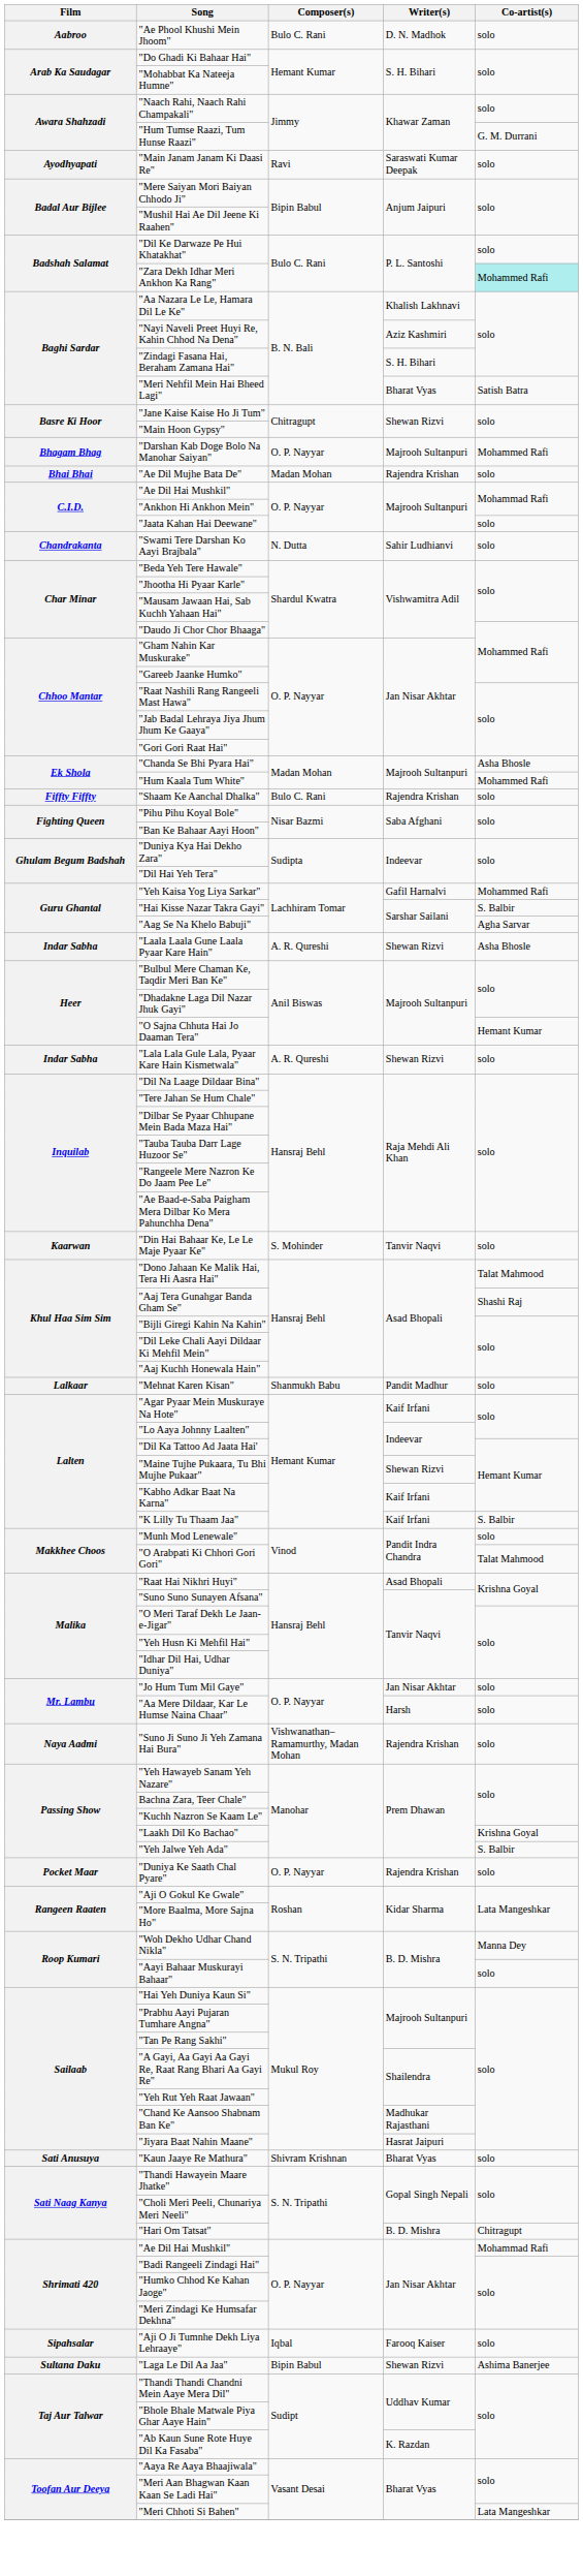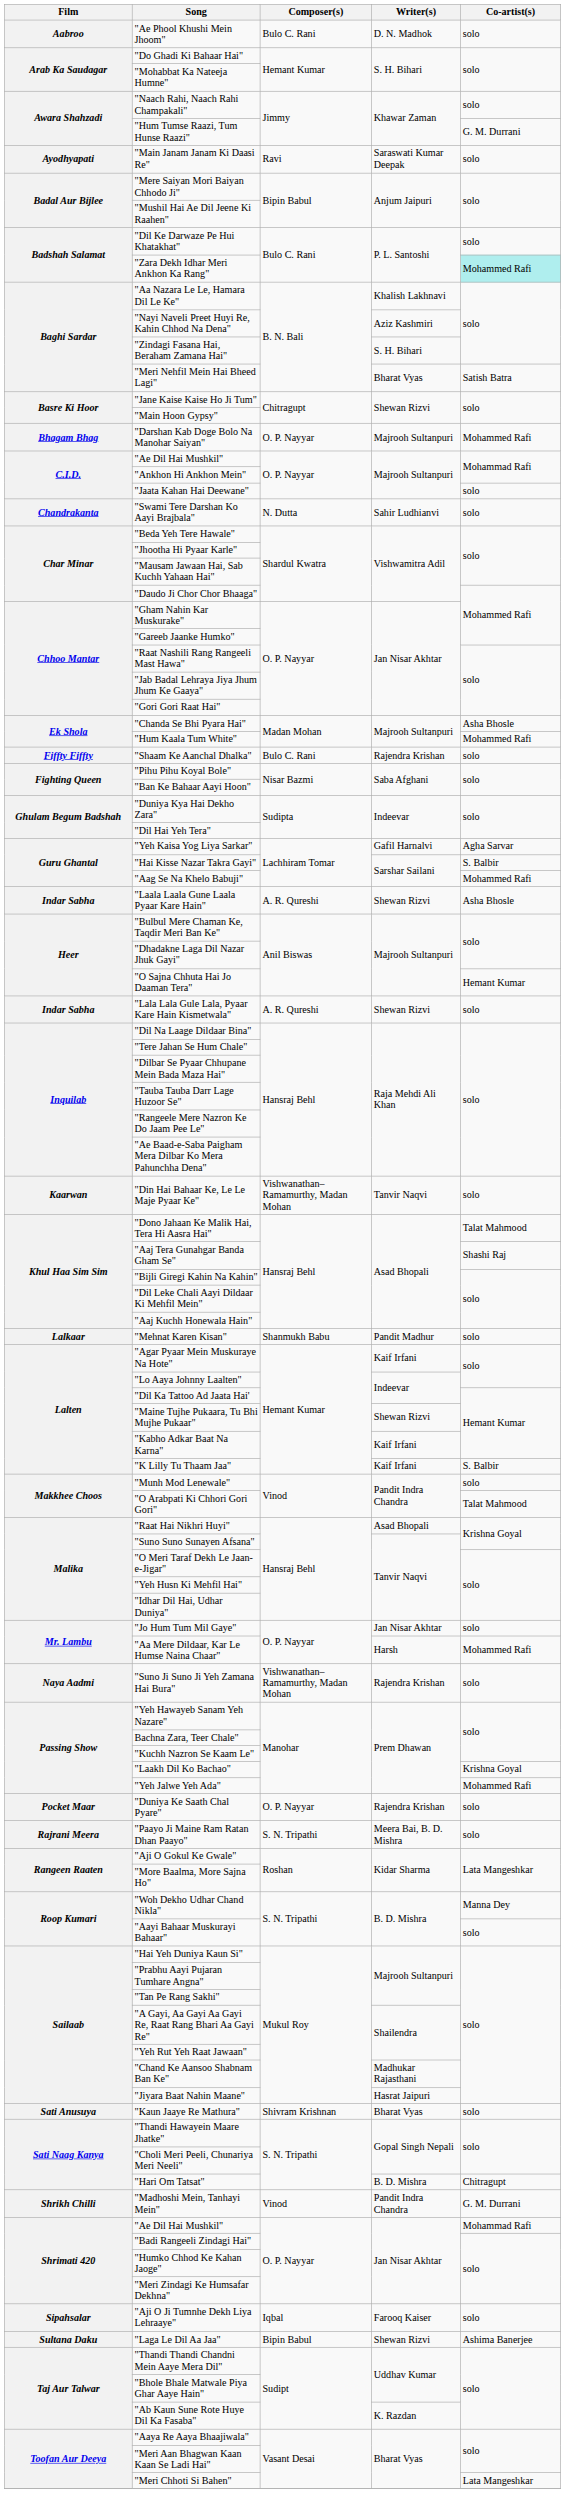 <table class="wikitable plainrowheaders" width="100%" textcolor:#000;">
 <tr style="background:#b0e0e66;">
 <th scope="col" width=23%><strong>Film</strong></th>
 <th scope="col" width=23%><strong>Song</strong></th>
 <th scope="col" width=20%><strong>Composer(s)</strong></th>
 <th scope="col" width=16%><strong>Writer(s)</strong></th>
 <th scope="col" width=18%><strong>Co-artist(s)</strong></th>
 </tr>
 <tr>
 <th><em>Aabroo</em></th>
 <td>"Ae Phool Khushi Mein Jhoom"</td>
 <td>Bulo C. Rani</td>
 <td>D. N. Madhok</td>
 <td>solo</td>
 </tr>
 <tr>
 <th Rowspan=2><em>Arab Ka Saudagar</em></th>
 <td>"Do Ghadi Ki Bahaar Hai"</td>
 <td rowspan=2>Hemant Kumar</td>
 <td rowspan=2>S. H. Bihari</td>
 <td rowspan=2>solo</td>
 </tr>
 <tr>
 <td>"Mohabbat Ka Nateeja Humne"</td>
 </tr>
 <tr>
 <th Rowspan=2><em>Awara Shahzadi</em></th>
 <td>"Naach Rahi, Naach Rahi Champakali"</td>
 <td rowspan=2>Jimmy</td>
 <td rowspan=2>Khawar Zaman</td>
 <td>solo</td>
 </tr>
 <tr>
 <td>"Hum Tumse Raazi, Tum Hunse Raazi"</td>
 <td>G. M. Durrani</td>
 </tr>
 <tr>
 <th Rowspan=1><em>Ayodhyapati</em></th>
 <td>"Main Janam Janam Ki Daasi Re"</td>
 <td rowspan=1>Ravi</td>
 <td rowspan=1>Saraswati Kumar Deepak</td>
 <td rowspan=1>solo</td>
 </tr>
 <tr>
 <th Rowspan=2><em>Badal Aur Bijlee</em></th>
 <td>"Mere Saiyan Mori Baiyan Chhodo Ji"</td>
 <td rowspan=2>Bipin Babul</td>
 <td rowspan=2>Anjum Jaipuri</td>
 <td rowspan=2>solo</td>
 </tr>
 <tr>
 <td>"Mushil Hai Ae Dil Jeene Ki Raahen"</td>
 </tr>
 <tr>
 <th Rowspan=2><em>Badshah Salamat</em></th>
 <td>"Dil Ke Darwaze Pe Hui Khatakhat"</td>
 <td rowspan=2>Bulo C. Rani</td>
 <td rowspan=2>P. L. Santoshi</td>
 <td>solo</td>
 </tr>
 <tr>
 <td>"Zara Dekh Idhar Meri Ankhon Ka Rang"</td>
 <td style="background: paleturquoise;">Mohammed Rafi</td>
 </tr>
 <tr>
 <th Rowspan=4><em>Baghi Sardar</em></th>
 <td>"Aa Nazara Le Le, Hamara Dil Le Ke"</td>
 <td rowspan=4>B. N. Bali</td>
 <td>Khalish Lakhnavi</td>
 <td Rowspan=3>solo</td>
 </tr>
 <tr>
 <td>"Nayi Naveli Preet Huyi Re, Kahin Chhod Na Dena"</td>
 <td>Aziz Kashmiri</td>
 </tr>
 <tr>
 <td>"Zindagi Fasana Hai, Beraham Zamana Hai"</td>
 <td>S. H. Bihari</td>
 </tr>
 <tr>
 <td>"Meri Nehfil Mein Hai Bheed Lagi"</td>
 <td>Bharat Vyas</td>
 <td>Satish Batra</td>
 </tr>
 <tr>
 <th Rowspan=2><em>Basre Ki Hoor</em></th>
 <td>"Jane Kaise Kaise Ho Ji Tum"</td>
 <td rowspan=2>Chitragupt</td>
 <td rowspan=2>Shewan Rizvi</td>
 <td rowspan=2>solo</td>
 </tr>
 <tr>
 <td>"Main Hoon Gypsy"</td>
 </tr>
 <tr>
 <th><em><a href='#'>Bhagam Bhag</a></em></th>
 <td>"Darshan Kab Doge Bolo Na Manohar Saiyan"</td>
 <td>O. P. Nayyar</td>
 <td>Majrooh Sultanpuri</td>
 <td>Mohammed Rafi</td>
 </tr>
 <tr>
-<th><em><a href='#'>Bhai Bhai</a></em></th>
-<td>"Ae Dil Mujhe Bata De"</td>
-<td>Madan Mohan</td>
-<td>Rajendra Krishan</td>
-<td>solo</td>
-</tr>
-<tr>
 <th rowspan=3><em><a href='#'>C.I.D.</a></em></th>
 <td>"Ae Dil Hai Mushkil"</td>
 <td rowspan=3>O. P. Nayyar</td>
 <td rowspan=3>Majrooh Sultanpuri</td>
 <td rowspan=2>Mohammad Rafi</td>
 </tr>
 <tr>
 <td>"Ankhon Hi Ankhon Mein"</td>
 </tr>
 <tr>
 <td>"Jaata Kahan Hai Deewane"</td>
 <td>solo</td>
 </tr>
 <tr>
 <th><em><a href='#'>Chandrakanta</a></em></th>
 <td>"Swami Tere Darshan Ko Aayi Brajbala"</td>
 <td>N. Dutta</td>
 <td>Sahir Ludhianvi</td>
 <td>solo</td>
 </tr>
 <tr>
 <th Rowspan=4><em>Char Minar</em></th>
 <td>"Beda Yeh Tere Hawale"</td>
 <td Rowspan=4>Shardul Kwatra</td>
 <td Rowspan=4>Vishwamitra Adil</td>
 <td Rowspan=3>solo</td>
 </tr>
 <tr>
 <td>"Jhootha Hi Pyaar Karle"</td>
 </tr>
 <tr>
 <td>"Mausam Jawaan Hai, Sab Kuchh Yahaan Hai"</td>
 </tr>
 <tr>
 <td>"Daudo Ji Chor Chor Bhaaga"</td>
 <td rowspan=3>Mohammed Rafi</td>
 </tr>
 <tr>
 <th Rowspan=5><em><a href='#'>Chhoo Mantar</a></em></th>
 <td>"Gham Nahin Kar Muskurake"</td>
 <td rowspan=5>O. P. Nayyar</td>
 <td rowspan=5>Jan Nisar Akhtar</td>
 </tr>
 <tr>
 <td>"Gareeb Jaanke Humko"</td>
 </tr>
 <tr>
 <td>"Raat Nashili Rang Rangeeli Mast Hawa"</td>
 <td rowspan=3>solo</td>
 </tr>
 <tr>
 <td>"Jab Badal Lehraya Jiya Jhum Jhum Ke Gaaya"</td>
 </tr>
 <tr>
 <td>"Gori Gori Raat Hai"</td>
 </tr>
 <tr>
 <th Rowspan=2><em><a href='#'>Ek Shola</a></em></th>
 <td>"Chanda Se Bhi Pyara Hai"</td>
 <td rowspan=2>Madan Mohan</td>
 <td rowspan=2>Majrooh Sultanpuri</td>
 <td>Asha Bhosle</td>
 </tr>
 <tr>
 <td>"Hum Kaala Tum White"</td>
 <td>Mohammed Rafi</td>
 </tr>
 <tr>
 <th><em><a href='#'>Fiffty Fiffty</a></em></th>
 <td>"Shaam Ke Aanchal Dhalka"</td>
 <td>Bulo C. Rani</td>
 <td>Rajendra Krishan</td>
 <td>solo</td>
 </tr>
 <tr>
 <th rowspan=2><em>Fighting Queen</em></th>
 <td>"Pihu Pihu Koyal Bole"</td>
 <td rowspan=2>Nisar Bazmi</td>
 <td rowspan=2>Saba Afghani</td>
 <td rowspan=2>solo</td>
 </tr>
 <tr>
 <td>"Ban Ke Bahaar Aayi Hoon"</td>
 </tr>
 <tr>
 <th rowspan=2><em>Ghulam Begum Badshah</em></th>
 <td>"Duniya Kya Hai Dekho Zara"</td>
 <td rowspan=2>Sudipta</td>
 <td rowspan=2>Indeevar</td>
 <td rowspan=2>solo</td>
 </tr>
 <tr>
 <td>"Dil Hai Yeh Tera"</td>
 </tr>
 <tr>
 <th Rowspan=3><em>Guru Ghantal</em></th>
 <td>"Yeh Kaisa Yog Liya Sarkar"</td>
 <td rowspan=3>Lachhiram Tomar</td>
 <td rowspan=1>Gafil Harnalvi</td>
-<td rowspan=1>Mohammed Rafi</td>
+<td>Agha Sarvar</td>
 </tr>
 <tr>
 <td>"Hai Kisse Nazar Takra Gayi"</td>
 <td rowspan=2>Sarshar Sailani</td>
 <td>S. Balbir</td>
 </tr>
 <tr>
 <td>"Aag Se Na Khelo Babuji"</td>
-<td>Agha Sarvar</td>
+<td rowspan=1>Mohammed Rafi</td>
 </tr>
 <tr>
 <th><em>Indar Sabha</em></th>
 <td>"Laala Laala Gune Laala Pyaar Kare Hain"</td>
 <td>A. R. Qureshi</td>
 <td>Shewan Rizvi</td>
 <td>Asha Bhosle</td>
 </tr>
 <tr>
 <th Rowspan=3><em>Heer</em></th>
 <td>"Bulbul Mere Chaman Ke, Taqdir Meri Ban Ke"</td>
 <td rowspan=3>Anil Biswas</td>
 <td rowspan=3>Majrooh Sultanpuri</td>
 <td rowspan=2>solo</td>
 </tr>
 <tr>
 <td>"Dhadakne Laga Dil Nazar Jhuk Gayi"</td>
 </tr>
 <tr>
 <td>"O Sajna Chhuta Hai Jo Daaman Tera"</td>
 <td>Hemant Kumar</td>
 </tr>
 <tr>
 <th><em>Indar Sabha</em></th>
 <td>"Lala Lala Gule Lala, Pyaar Kare Hain Kismetwala"</td>
 <td>A. R. Qureshi</td>
 <td>Shewan Rizvi</td>
 <td>solo</td>
 </tr>
 <tr>
 <th Rowspan=6><em><a href='#'>Inquilab</a></em></th>
 <td>"Dil Na Laage Dildaar Bina"</td>
 <td rowspan=6>Hansraj Behl</td>
 <td rowspan=6>Raja Mehdi Ali Khan</td>
 <td rowspan=6>solo</td>
 </tr>
 <tr>
 <td>"Tere Jahan Se Hum Chale"</td>
 </tr>
 <tr>
 <td>"Dilbar Se Pyaar Chhupane Mein Bada Maza Hai"</td>
 </tr>
 <tr>
 <td>"Tauba Tauba Darr Lage Huzoor Se"</td>
 </tr>
 <tr>
 <td>"Rangeele Mere Nazron Ke Do Jaam Pee Le"</td>
 </tr>
 <tr>
 <td>"Ae Baad-e-Saba Paigham Mera Dilbar Ko Mera Pahunchha Dena"</td>
 </tr>
 <tr>
 <th><em>Kaarwan</em></th>
 <td>"Din Hai Bahaar Ke, Le Le Maje Pyaar Ke"</td>
-<td>S. Mohinder</td>
+<td>Vishwanathan–Ramamurthy, Madan Mohan</td>
 <td>Tanvir Naqvi</td>
 <td>solo</td>
 </tr>
 <tr>
 <th Rowspan=5><em>Khul Haa Sim Sim</em></th>
 <td>"Dono Jahaan Ke Malik Hai, Tera Hi Aasra Hai"</td>
 <td rowspan=5>Hansraj Behl</td>
 <td rowspan=5>Asad Bhopali</td>
 <td>Talat Mahmood</td>
 </tr>
 <tr>
 <td>"Aaj Tera Gunahgar Banda Gham Se"</td>
 <td>Shashi Raj</td>
 </tr>
 <tr>
 <td>"Bijli Giregi Kahin Na Kahin"</td>
 <td rowspan=3>solo</td>
 </tr>
 <tr>
 <td>"Dil Leke Chali Aayi Dildaar Ki Mehfil Mein"</td>
 </tr>
 <tr>
 <td>"Aaj Kuchh Honewala Hain"</td>
 </tr>
 <tr>
 <th><em>Lalkaar</em></th>
 <td>"Mehnat Karen Kisan"</td>
 <td>Shanmukh Babu</td>
 <td>Pandit Madhur</td>
 <td>solo</td>
 </tr>
 <tr>
 <th rowspan=6><em>Lalten</em></th>
 <td>"Agar Pyaar Mein Muskuraye Na Hote"</td>
 <td rowspan=6>Hemant Kumar</td>
 <td>Kaif Irfani</td>
 <td rowspan=2>solo</td>
 </tr>
 <tr>
 <td>"Lo Aaya Johnny Laalten"</td>
 <td rowspan=2>Indeevar</td>
 </tr>
 <tr>
 <td>"Dil Ka Tattoo Ad Jaata Hai'</td>
 <td Rowspan=3>Hemant Kumar</td>
 </tr>
 <tr>
 <td>"Maine Tujhe Pukaara, Tu Bhi Mujhe Pukaar"</td>
 <td>Shewan Rizvi</td>
 </tr>
 <tr>
 <td>"Kabho Adkar Baat Na Karna"</td>
 <td>Kaif Irfani</td>
 </tr>
 <tr>
 <td>"K Lilly Tu Thaam Jaa"</td>
 <td>Kaif Irfani</td>
 <td>S. Balbir</td>
 </tr>
 <tr>
 <th Rowspan=2><em>Makkhee Choos</em></th>
 <td>"Munh Mod Lenewale"</td>
 <td Rowspan=2>Vinod</td>
 <td Rowspan=2>Pandit Indra Chandra</td>
 <td>solo</td>
 </tr>
 <tr>
 <td>"O Arabpati Ki Chhori Gori Gori"</td>
 <td>Talat Mahmood</td>
 </tr>
 <tr>
 <th Rowspan=5><em>Malika</em></th>
 <td>"Raat Hai Nikhri Huyi"</td>
 <td rowspan=5>Hansraj Behl</td>
 <td>Asad Bhopali</td>
 <td rowspan=2>Krishna Goyal</td>
 </tr>
 <tr>
 <td>"Suno Suno Sunayen Afsana"</td>
 <td rowspan=4>Tanvir Naqvi</td>
 </tr>
 <tr>
 <td>"O Meri Taraf Dekh Le Jaan-e-Jigar"</td>
 <td rowspan=3>solo</td>
 </tr>
 <tr>
 <td>"Yeh Husn Ki Mehfil Hai"</td>
 </tr>
 <tr>
 <td>"Idhar Dil Hai, Udhar Duniya"</td>
 </tr>
 <tr>
 <th Rowspan=2><em><a href='#'>Mr. Lambu</a></em></th>
 <td>"Jo Hum Tum Mil Gaye"</td>
 <td rowspan=2>O. P. Nayyar</td>
 <td>Jan Nisar Akhtar</td>
 <td>solo</td>
 </tr>
 <tr>
 <td>"Aa Mere Dildaar, Kar Le Humse Naina Chaar"</td>
 <td>Harsh</td>
-<td>solo</td>
+<td>Mohammed Rafi</td>
 </tr>
 <tr>
 <th Rowspan=1><em>Naya Aadmi</em></th>
 <td>"Suno Ji Suno Ji Yeh Zamana Hai Bura"</td>
 <td>Vishwanathan–Ramamurthy, Madan Mohan</td>
 <td>Rajendra Krishan</td>
 <td>solo</td>
 </tr>
 <tr>
 <th Rowspan=5><em>Passing Show</em></th>
 <td>"Yeh Hawayeb Sanam Yeh Nazare"</td>
 <td Rowspan=5>Manohar</td>
 <td rowspan=5>Prem Dhawan</td>
 <td rowspan=3>solo</td>
 </tr>
 <tr>
 <td>Bachna Zara, Teer Chale"</td>
 </tr>
 <tr>
 <td>"Kuchh Nazron Se Kaam Le"</td>
 </tr>
 <tr>
 <td>"Laakh Dil Ko Bachao"</td>
 <td>Krishna Goyal</td>
 </tr>
 <tr>
 <td>"Yeh Jalwe Yeh Ada"</td>
-<td>S. Balbir</td>
+<td>Mohammed Rafi</td>
 </tr>
 <tr>
 <th><em>Pocket Maar</em></th>
 <td>"Duniya Ke Saath Chal Pyare"</td>
 <td>O. P. Nayyar</td>
 <td>Rajendra Krishan</td>
+<td>solo</td>
+</tr>
+<tr>
+<th><em>Rajrani Meera</em></th>
+<td>"Paayo Ji Maine Ram Ratan Dhan Paayo"</td>
+<td>S. N. Tripathi</td>
+<td>Meera Bai, B. D. Mishra</td>
 <td>solo</td>
 </tr>
 <tr>
 <th Rowspan=2><em>Rangeen Raaten</em></th>
 <td>"Aji O Gokul Ke Gwale"</td>
 <td Rowspan=2>Roshan</td>
 <td rowspan=2>Kidar Sharma</td>
 <td rowspan=2>Lata Mangeshkar</td>
 </tr>
 <tr>
 <td>"More Baalma, More Sajna Ho"</td>
 </tr>
 <tr>
 <th Rowspan=2><em>Roop Kumari</em></th>
 <td>"Woh Dekho Udhar Chand Nikla"</td>
 <td rowspan=2>S. N. Tripathi</td>
 <td rowspan=2>B. D. Mishra</td>
 <td>Manna Dey</td>
 </tr>
 <tr>
 <td>"Aayi Bahaar Muskurayi Bahaar"</td>
 <td>solo</td>
 </tr>
 <tr>
 <th Rowspan=7><em>Sailaab</em></th>
 <td>"Hai Yeh Duniya Kaun Si"</td>
 <td Rowspan=7>Mukul Roy</td>
 <td rowspan=3>Majrooh Sultanpuri</td>
 <td rowspan=7>solo</td>
 </tr>
 <tr>
 <td>"Prabhu Aayi Pujaran Tumhare Angna"</td>
 </tr>
 <tr>
 <td>"Tan Pe Rang Sakhi"</td>
 </tr>
 <tr>
 <td>"A Gayi, Aa Gayi Aa Gayi Re, Raat Rang Bhari Aa Gayi Re"</td>
 <td rowspan=2>Shailendra</td>
 </tr>
 <tr>
 <td>"Yeh Rut Yeh Raat Jawaan"</td>
 </tr>
 <tr>
 <td>"Chand Ke Aansoo Shabnam Ban Ke"</td>
 <td>Madhukar Rajasthani</td>
 </tr>
 <tr>
 <td>"Jiyara Baat Nahin Maane"</td>
 <td>Hasrat Jaipuri</td>
 </tr>
 <tr>
 <th><em>Sati Anusuya</em></th>
 <td>"Kaun Jaaye Re Mathura"</td>
 <td>Shivram Krishnan</td>
 <td>Bharat Vyas</td>
 <td>solo</td>
 </tr>
 <tr>
 <th Rowspan=3><em><a href='#'>Sati Naag Kanya</a></em></th>
 <td>"Thandi Hawayein Maare Jhatke"</td>
 <td rowspan=3>S. N. Tripathi</td>
 <td rowspan=2>Gopal Singh Nepali</td>
 <td rowspan=2>solo</td>
 </tr>
 <tr>
 <td>"Choli Meri Peeli, Chunariya Meri Neeli"</td>
 </tr>
 <tr>
 <td>"Hari Om Tatsat"</td>
 <td>B. D. Mishra</td>
 <td>Chitragupt</td>
 </tr>
 <tr>
+<th><em>Shrikh Chilli</em></th>
+<td>"Madhoshi Mein, Tanhayi Mein"</td>
+<td rowspan=>Vinod</td>
+<td>Pandit Indra Chandra</td>
+<td>G. M. Durrani</td>
+</tr>
+<tr>
 <th rowspan=4><em>Shrimati 420</em></th>
 <td>"Ae Dil Hai Mushkil"</td>
 <td rowspan=4>O. P. Nayyar</td>
 <td rowspan=4>Jan Nisar Akhtar</td>
 <td>Mohammad Rafi</td>
 </tr>
 <tr>
 <td>"Badi Rangeeli Zindagi Hai"</td>
 <td rowspan=3>solo</td>
 </tr>
 <tr>
 <td>"Humko Chhod Ke Kahan Jaoge"</td>
 </tr>
 <tr>
 <td>"Meri Zindagi Ke Humsafar Dekhna"</td>
 </tr>
 <tr>
 <th Rowspan=1><em>Sipahsalar</em></th>
 <td>"Aji O Ji Tumnhe Dekh Liya Lehraaye"</td>
 <td rowspan=1>Iqbal</td>
 <td rowspan=1>Farooq Kaiser</td>
 <td>solo</td>
 </tr>
 <tr>
 <th><em>Sultana Daku</em></th>
 <td>"Laga Le Dil Aa Jaa"</td>
 <td>Bipin Babul</td>
 <td>Shewan Rizvi</td>
 <td>Ashima Banerjee</td>
 </tr>
 <tr>
 <th Rowspan=3><em>Taj Aur Talwar</em></th>
 <td>"Thandi Thandi Chandni Mein Aaye Mera Dil"</td>
 <td rowspan=3>Sudipt</td>
 <td Rowspan=2>Uddhav Kumar</td>
 <td rowspan=3>solo</td>
 </tr>
 <tr>
 <td>"Bhole Bhale Matwale Piya Ghar Aaye Hain"</td>
 </tr>
 <tr>
 <td>"Ab Kaun Sune Rote Huye Dil Ka Fasaba"</td>
 <td>K. Razdan</td>
 </tr>
 <tr>
 <th Rowspan=3><em><a href='#'>Toofan Aur Deeya</a></em></th>
 <td>"Aaya Re Aaya Bhaajiwala"</td>
 <td Rowspan=3>Vasant Desai</td>
 <td rowspan=3>Bharat Vyas</td>
 <td rowspan=2>solo</td>
 </tr>
 <tr>
 <td>"Meri Aan Bhagwan Kaan Kaan Se Ladi Hai"</td>
 </tr>
 <tr>
 <td>"Meri Chhoti Si Bahen"</td>
 <td>Lata Mangeshkar</td>
 </tr>
 <tr>
 </tr>
 </table>
